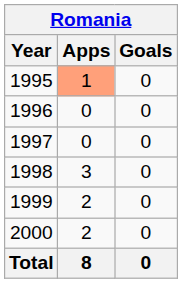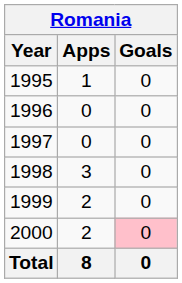 <table class="wikitable" style="text-align:center">
 <tr>
 <th colspan=3><a href='#'>Romania</a></th>
 </tr>
 <tr>
 <th>Year</th>
 <th>Apps</th>
 <th>Goals</th>
 </tr>
 <tr>
 <td>1995</td>
-<td style="background: lightsalmon;">1</td>
+<td>1</td>
 <td>0</td>
 </tr>
 <tr>
 <td>1996</td>
 <td>0</td>
 <td>0</td>
 </tr>
 <tr>
 <td>1997</td>
 <td>0</td>
 <td>0</td>
 </tr>
 <tr>
 <td>1998</td>
 <td>3</td>
 <td>0</td>
 </tr>
 <tr>
 <td>1999</td>
 <td>2</td>
 <td>0</td>
 </tr>
 <tr>
 <td>2000</td>
 <td>2</td>
-<td>0</td>
+<td style="background: pink;">0</td>
 </tr>
 <tr>
 <th>Total</th>
 <th>8</th>
 <th>0</th>
 </tr>
 </table>
